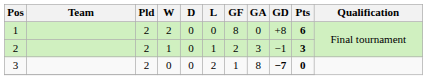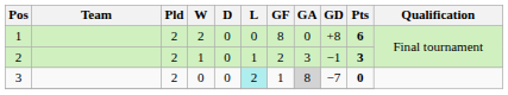 <table class="wikitable" border="1" style="text-align: center;">
 <tr>
 <th width="25"><abbr>Pos</abbr></th>
 <th width="150">Team</th>
 <th width="25"><abbr>Pld</abbr></th>
 <th width="25"><abbr>W</abbr></th>
 <th width="25"><abbr>D</abbr></th>
 <th width="25"><abbr>L</abbr></th>
 <th width="25"><abbr>GF</abbr></th>
 <th width="25"><abbr>GA</abbr></th>
 <th width="25"><abbr>GD</abbr></th>
 <th width="25"><abbr>Pts</abbr></th>
 <th width="150">Qualification</th>
 </tr>
 <tr bgcolor= #D0F0C0>
 <td>1</td>
 <td align="left"></td>
 <td>2</td>
 <td>2</td>
 <td>0</td>
 <td>0</td>
 <td>8</td>
 <td>0</td>
 <td>+8</td>
 <td><strong>6</strong></td>
 <td rowspan=2>Final tournament</td>
 </tr>
 <tr bgcolor= #D0F0C0>
 <td>2</td>
 <td align="left"></td>
 <td>2</td>
 <td>1</td>
 <td>0</td>
 <td>1</td>
 <td>2</td>
 <td>3</td>
 <td>−1</td>
 <td><strong>3</strong></td>
 </tr>
 <tr>
 <td>3</td>
 <td align="left"></td>
 <td>2</td>
 <td>0</td>
 <td>0</td>
-<td>2</td>
+<td style="background: paleturquoise;">2</td>
 <td>1</td>
-<td>8</td>
-<td><strong>−7</strong></td>
+<td style="background: lightgrey;">8</td>
+<td>−7</td>
 <td><strong>0</strong></td>
 </tr>
 <tr>
 </tr>
 </table>
